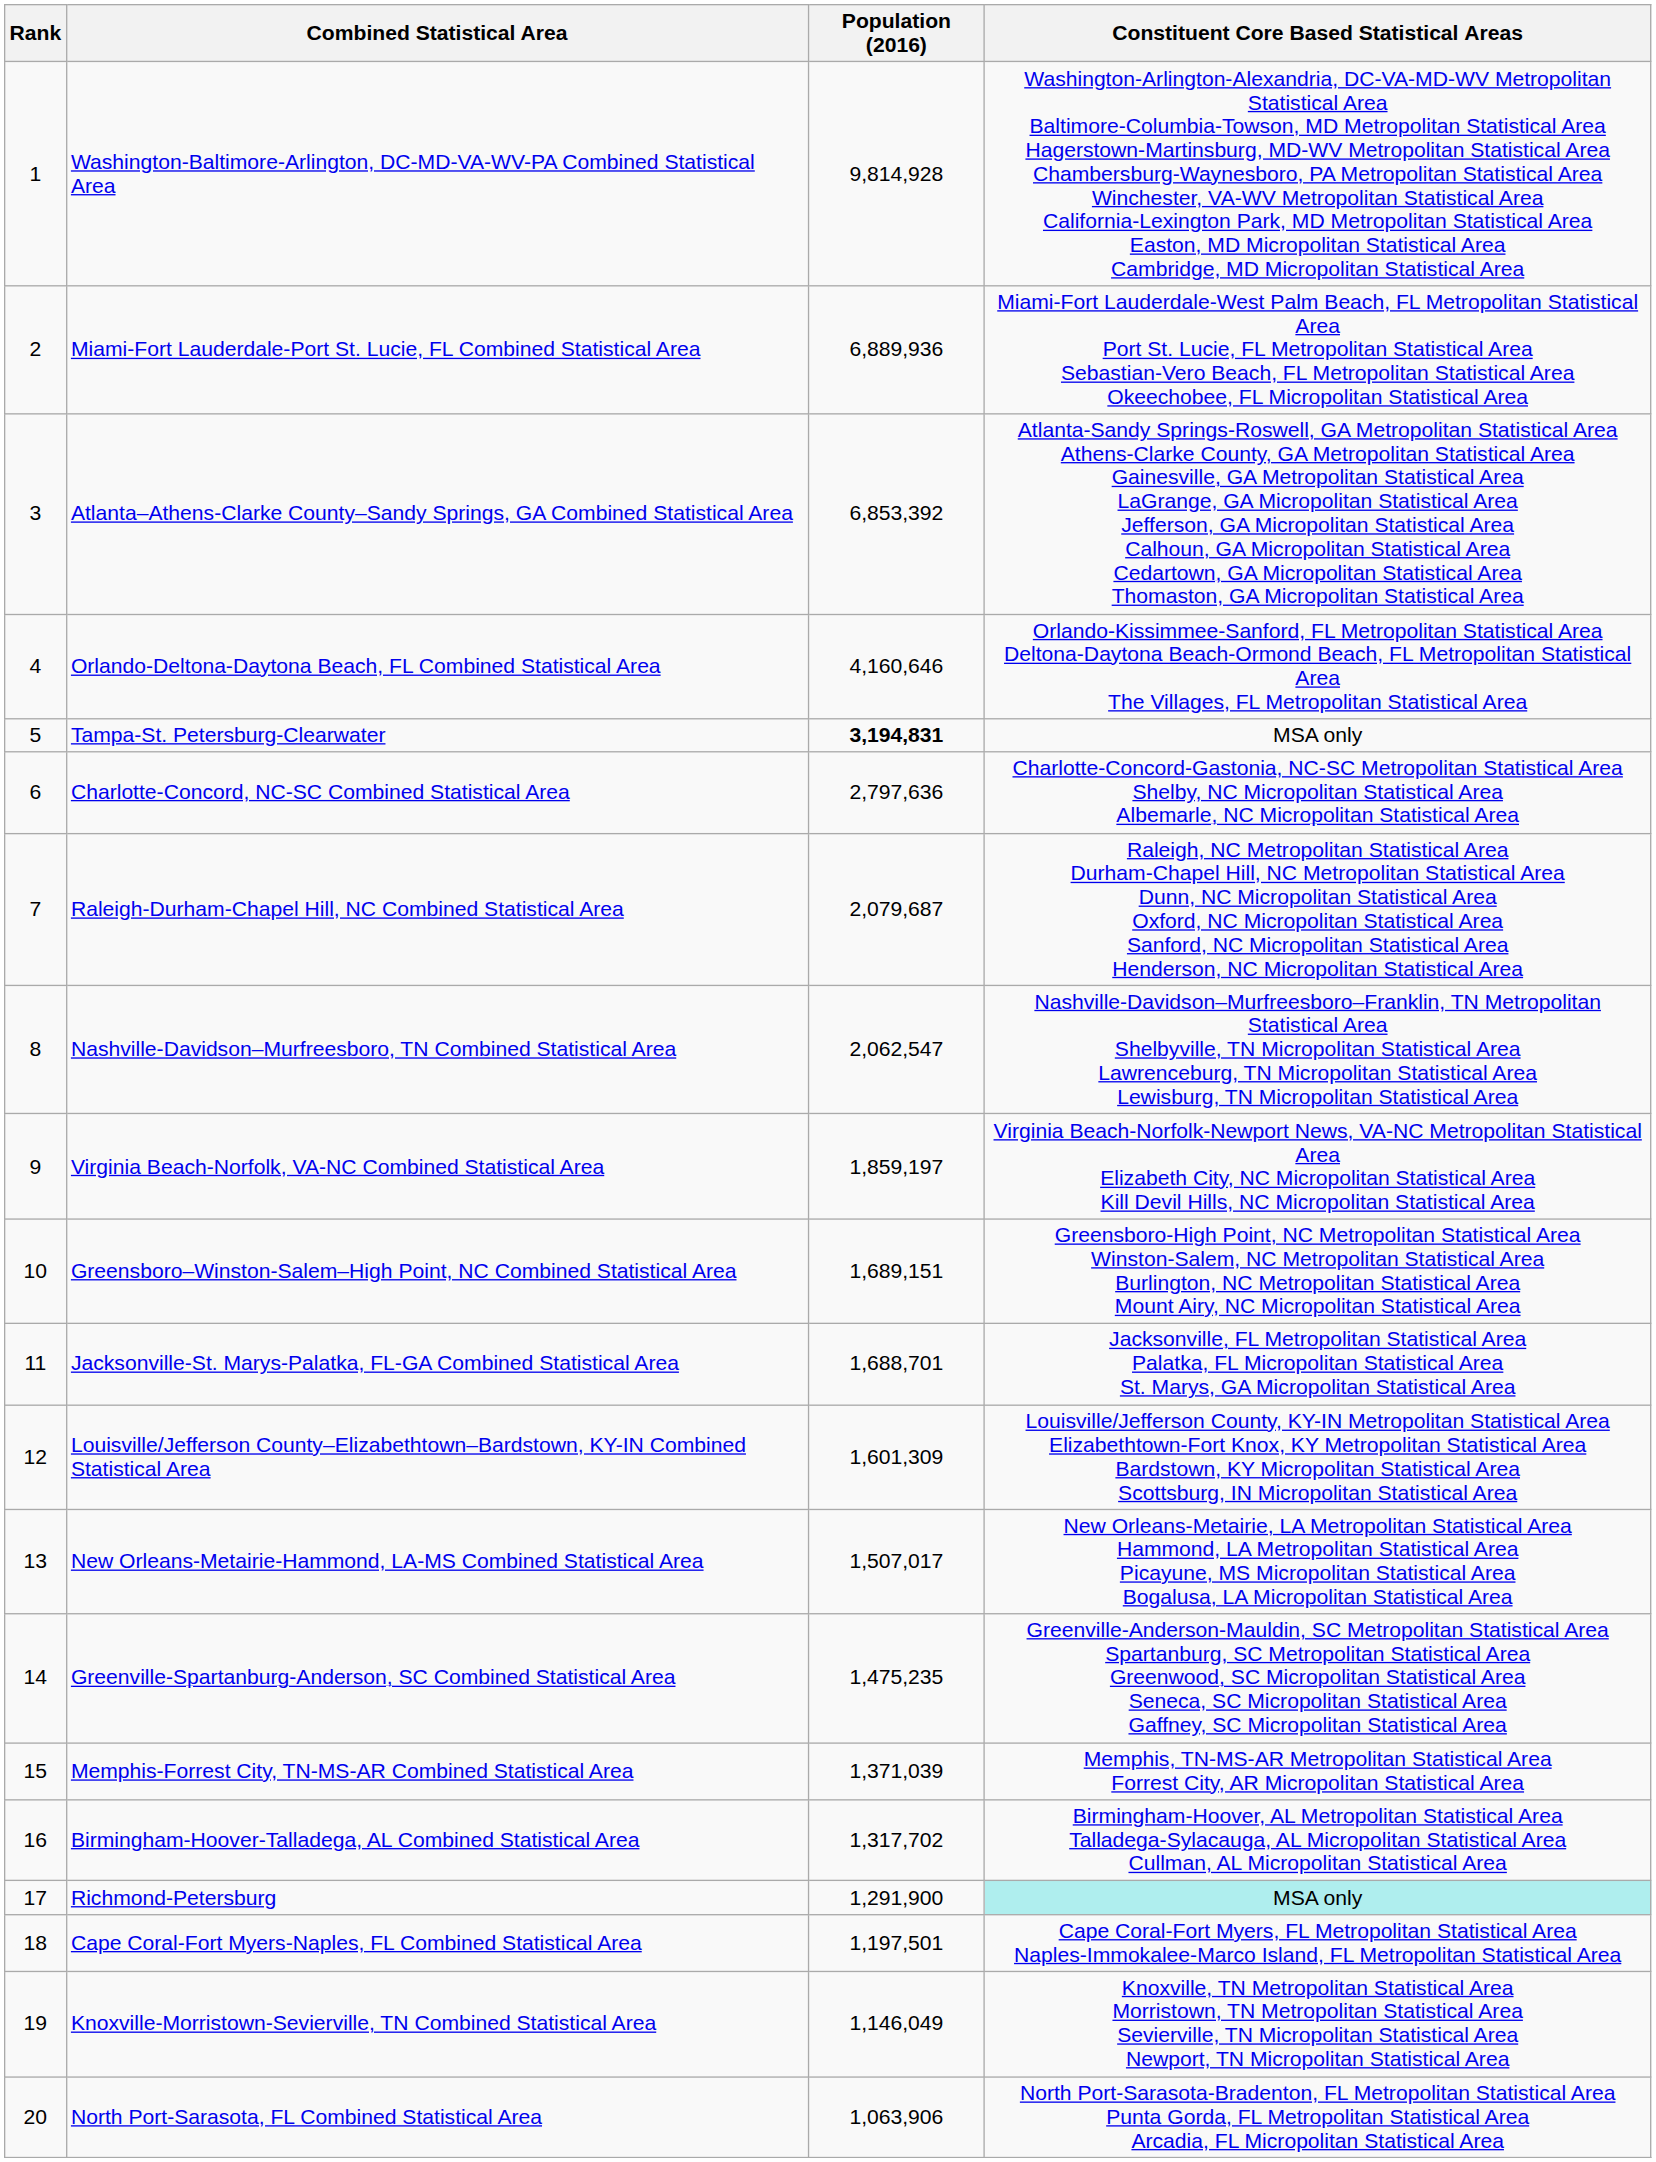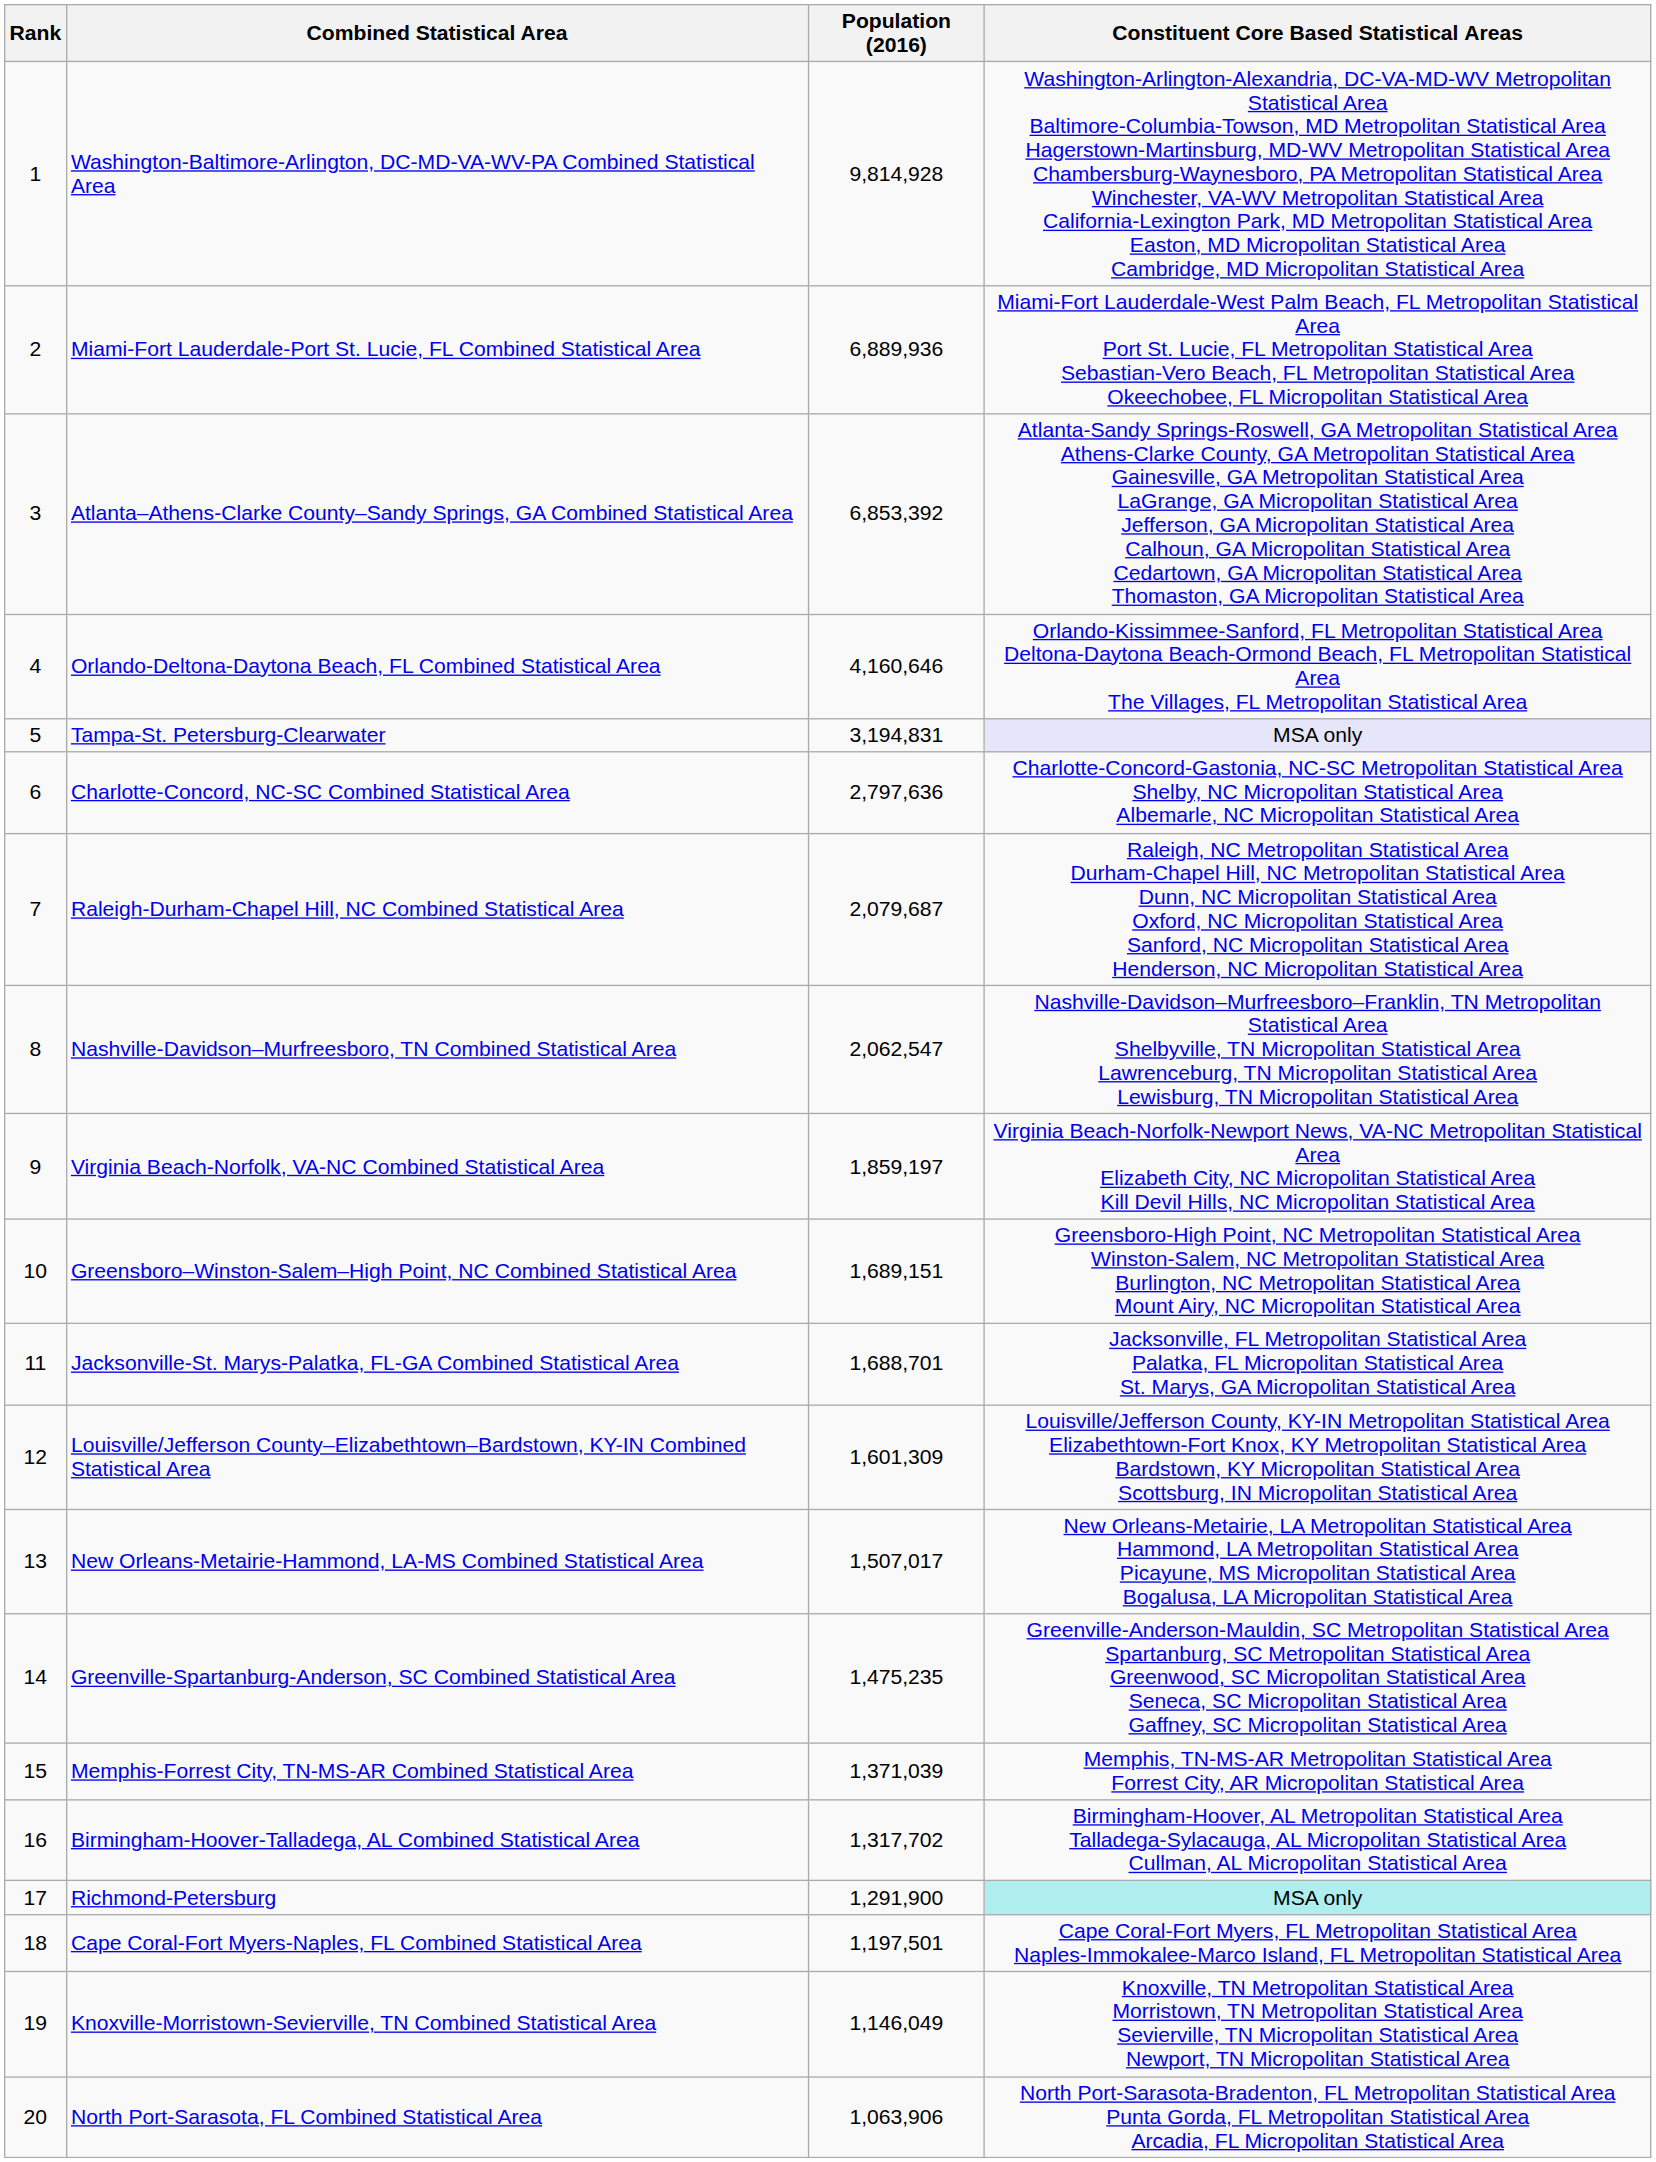 <table class="wikitable sortable" style="text-align:center;">
 <tr>
 <th>Rank</th>
 <th style="text-align:center;">Combined Statistical Area</th>
 <th>Population (2016)</th>
 <th>Constituent Core Based Statistical Areas</th>
 </tr>
 <tr>
 <td>1</td>
 <td style="text-align:left;"><a href='#'>Washington-Baltimore-Arlington, DC-MD-VA-WV-PA Combined Statistical Area</a></td>
 <td>9,814,928</td>
 <td><a href='#'>Washington-Arlington-Alexandria, DC-VA-MD-WV Metropolitan Statistical Area</a><br><a href='#'>Baltimore-Columbia-Towson, MD Metropolitan Statistical Area</a><br><a href='#'>Hagerstown-Martinsburg, MD-WV Metropolitan Statistical Area</a><br><a href='#'>Chambersburg-Waynesboro, PA Metropolitan Statistical Area</a><br><a href='#'>Winchester, VA-WV Metropolitan Statistical Area</a><br><a href='#'>California-Lexington Park, MD Metropolitan Statistical Area</a><br><a href='#'>Easton, MD Micropolitan Statistical Area</a><br><a href='#'>Cambridge, MD Micropolitan Statistical Area</a></td>
 </tr>
 <tr>
 <td>2</td>
 <td style="text-align:left;"><a href='#'>Miami-Fort Lauderdale-Port St. Lucie, FL Combined Statistical Area</a></td>
 <td>6,889,936</td>
 <td><a href='#'>Miami-Fort Lauderdale-West Palm Beach, FL Metropolitan Statistical Area</a><br><a href='#'>Port St. Lucie, FL Metropolitan Statistical Area</a><br><a href='#'>Sebastian-Vero Beach, FL Metropolitan Statistical Area</a><br><a href='#'>Okeechobee, FL Micropolitan Statistical Area</a></td>
 </tr>
 <tr>
 <td>3</td>
 <td style="text-align:left;"><a href='#'>Atlanta–Athens-Clarke County–Sandy Springs, GA Combined Statistical Area</a></td>
 <td>6,853,392</td>
 <td><a href='#'>Atlanta-Sandy Springs-Roswell, GA Metropolitan Statistical Area</a><br><a href='#'>Athens-Clarke County, GA Metropolitan Statistical Area</a><br><a href='#'>Gainesville, GA Metropolitan Statistical Area</a><br><a href='#'>LaGrange, GA Micropolitan Statistical Area</a><br><a href='#'>Jefferson, GA Micropolitan Statistical Area</a><br><a href='#'>Calhoun, GA Micropolitan Statistical Area</a><br><a href='#'>Cedartown, GA Micropolitan Statistical Area</a><br><a href='#'>Thomaston, GA Micropolitan Statistical Area</a></td>
 </tr>
 <tr>
 <td>4</td>
 <td style="text-align:left;"><a href='#'>Orlando-Deltona-Daytona Beach, FL Combined Statistical Area</a></td>
 <td>4,160,646</td>
 <td><a href='#'>Orlando-Kissimmee-Sanford, FL Metropolitan Statistical Area</a><br><a href='#'>Deltona-Daytona Beach-Ormond Beach, FL Metropolitan Statistical Area</a><br><a href='#'>The Villages, FL Metropolitan Statistical Area</a></td>
 </tr>
 <tr>
 <td>5</td>
 <td style="text-align:left;"><a href='#'>Tampa-St. Petersburg-Clearwater</a></td>
-<td><strong>3,194,831</strong></td>
-<td>MSA only</td>
+<td>3,194,831</td>
+<td style="background: lavender;">MSA only</td>
 </tr>
 <tr>
 <td>6</td>
 <td style="text-align:left;"><a href='#'>Charlotte-Concord, NC-SC Combined Statistical Area</a></td>
 <td>2,797,636</td>
 <td><a href='#'>Charlotte-Concord-Gastonia, NC-SC Metropolitan Statistical Area</a><br><a href='#'>Shelby, NC Micropolitan Statistical Area</a><br><a href='#'>Albemarle, NC Micropolitan Statistical Area</a></td>
 </tr>
 <tr>
 <td>7</td>
 <td style="text-align:left;"><a href='#'>Raleigh-Durham-Chapel Hill, NC Combined Statistical Area</a></td>
 <td>2,079,687</td>
 <td><a href='#'>Raleigh, NC Metropolitan Statistical Area</a><br><a href='#'>Durham-Chapel Hill, NC Metropolitan Statistical Area</a><br><a href='#'>Dunn, NC Micropolitan Statistical Area</a><br><a href='#'>Oxford, NC Micropolitan Statistical Area</a><br><a href='#'>Sanford, NC Micropolitan Statistical Area</a><br><a href='#'>Henderson, NC Micropolitan Statistical Area</a></td>
 </tr>
 <tr>
 <td>8</td>
 <td style="text-align:left;"><a href='#'>Nashville-Davidson–Murfreesboro, TN Combined Statistical Area</a></td>
 <td>2,062,547</td>
 <td><a href='#'>Nashville-Davidson–Murfreesboro–Franklin, TN Metropolitan Statistical Area</a><br><a href='#'>Shelbyville, TN Micropolitan Statistical Area</a><br><a href='#'>Lawrenceburg, TN Micropolitan Statistical Area</a><br><a href='#'>Lewisburg, TN Micropolitan Statistical Area</a></td>
 </tr>
 <tr>
 <td>9</td>
 <td style="text-align:left;"><a href='#'>Virginia Beach-Norfolk, VA-NC Combined Statistical Area</a></td>
 <td>1,859,197</td>
 <td><a href='#'>Virginia Beach-Norfolk-Newport News, VA-NC Metropolitan Statistical Area</a><br><a href='#'>Elizabeth City, NC Micropolitan Statistical Area</a><br><a href='#'>Kill Devil Hills, NC Micropolitan Statistical Area</a></td>
 </tr>
 <tr>
 <td>10</td>
 <td style="text-align:left;"><a href='#'>Greensboro–Winston-Salem–High Point, NC Combined Statistical Area</a></td>
 <td>1,689,151</td>
 <td><a href='#'>Greensboro-High Point, NC Metropolitan Statistical Area</a><br><a href='#'>Winston-Salem, NC Metropolitan Statistical Area</a><br><a href='#'>Burlington, NC Metropolitan Statistical Area</a><br><a href='#'>Mount Airy, NC Micropolitan Statistical Area</a></td>
 </tr>
 <tr>
 <td>11</td>
 <td style="text-align:left;"><a href='#'>Jacksonville-St. Marys-Palatka, FL-GA Combined Statistical Area</a></td>
 <td>1,688,701</td>
 <td><a href='#'>Jacksonville, FL Metropolitan Statistical Area</a><br><a href='#'>Palatka, FL Micropolitan Statistical Area</a><br><a href='#'>St. Marys, GA Micropolitan Statistical Area</a></td>
 </tr>
 <tr>
 <td>12</td>
 <td style="text-align:left;"><a href='#'>Louisville/Jefferson County–Elizabethtown–Bardstown, KY-IN Combined Statistical Area</a></td>
 <td>1,601,309</td>
 <td><a href='#'>Louisville/Jefferson County, KY-IN Metropolitan Statistical Area</a><br><a href='#'>Elizabethtown-Fort Knox, KY Metropolitan Statistical Area</a><br><a href='#'>Bardstown, KY Micropolitan Statistical Area</a><br><a href='#'>Scottsburg, IN Micropolitan Statistical Area</a></td>
 </tr>
 <tr>
 <td>13</td>
 <td style="text-align:left;"><a href='#'>New Orleans-Metairie-Hammond, LA-MS Combined Statistical Area</a></td>
 <td>1,507,017</td>
 <td><a href='#'>New Orleans-Metairie, LA Metropolitan Statistical Area</a><br><a href='#'>Hammond, LA Metropolitan Statistical Area</a><br><a href='#'>Picayune, MS Micropolitan Statistical Area</a><br><a href='#'>Bogalusa, LA Micropolitan Statistical Area</a></td>
 </tr>
 <tr>
 <td>14</td>
 <td style="text-align:left;"><a href='#'>Greenville-Spartanburg-Anderson, SC Combined Statistical Area</a></td>
 <td>1,475,235</td>
 <td><a href='#'>Greenville-Anderson-Mauldin, SC Metropolitan Statistical Area</a><br><a href='#'>Spartanburg, SC Metropolitan Statistical Area</a><br><a href='#'>Greenwood, SC Micropolitan Statistical Area</a><br><a href='#'>Seneca, SC Micropolitan Statistical Area</a><br><a href='#'>Gaffney, SC Micropolitan Statistical Area</a></td>
 </tr>
 <tr>
 <td>15</td>
 <td style="text-align:left;"><a href='#'>Memphis-Forrest City, TN-MS-AR Combined Statistical Area</a></td>
 <td>1,371,039</td>
 <td><a href='#'>Memphis, TN-MS-AR Metropolitan Statistical Area</a><br><a href='#'>Forrest City, AR Micropolitan Statistical Area</a></td>
 </tr>
 <tr>
 <td>16</td>
 <td style="text-align:left;"><a href='#'>Birmingham-Hoover-Talladega, AL Combined Statistical Area</a></td>
 <td>1,317,702</td>
 <td><a href='#'>Birmingham-Hoover, AL Metropolitan Statistical Area</a><br><a href='#'>Talladega-Sylacauga, AL Micropolitan Statistical Area</a><br><a href='#'>Cullman, AL Micropolitan Statistical Area</a></td>
 </tr>
 <tr>
 <td>17</td>
 <td style="text-align:left;"><a href='#'>Richmond-Petersburg</a></td>
 <td>1,291,900</td>
 <td style="background: paleturquoise;">MSA only</td>
 </tr>
 <tr>
 <td>18</td>
 <td style="text-align:left;"><a href='#'>Cape Coral-Fort Myers-Naples, FL Combined Statistical Area</a></td>
 <td>1,197,501</td>
 <td><a href='#'>Cape Coral-Fort Myers, FL Metropolitan Statistical Area</a><br><a href='#'>Naples-Immokalee-Marco Island, FL Metropolitan Statistical Area</a></td>
 </tr>
 <tr>
 <td>19</td>
 <td style="text-align:left;"><a href='#'>Knoxville-Morristown-Sevierville, TN Combined Statistical Area</a></td>
 <td>1,146,049</td>
 <td><a href='#'>Knoxville, TN Metropolitan Statistical Area</a><br><a href='#'>Morristown, TN Metropolitan Statistical Area</a><br><a href='#'>Sevierville, TN Micropolitan Statistical Area</a><br><a href='#'>Newport, TN Micropolitan Statistical Area</a></td>
 </tr>
 <tr>
 <td>20</td>
 <td style="text-align:left;"><a href='#'>North Port-Sarasota, FL Combined Statistical Area</a></td>
 <td>1,063,906</td>
 <td><a href='#'>North Port-Sarasota-Bradenton, FL Metropolitan Statistical Area</a><br><a href='#'>Punta Gorda, FL Metropolitan Statistical Area</a><br><a href='#'>Arcadia, FL Micropolitan Statistical Area</a></td>
 </tr>
 <tr>
 </tr>
 </table>
